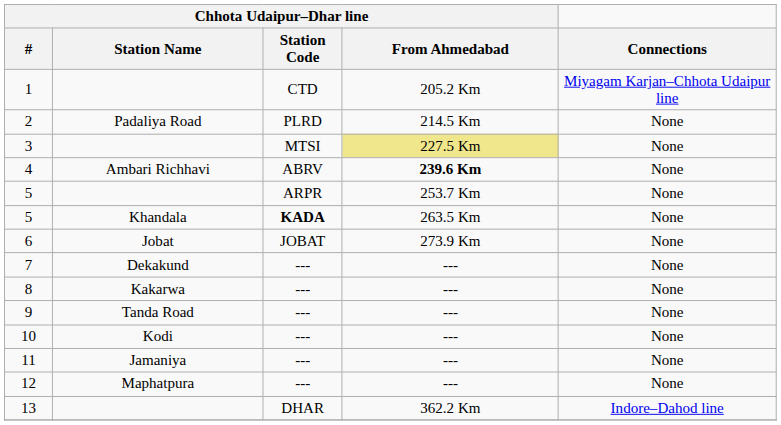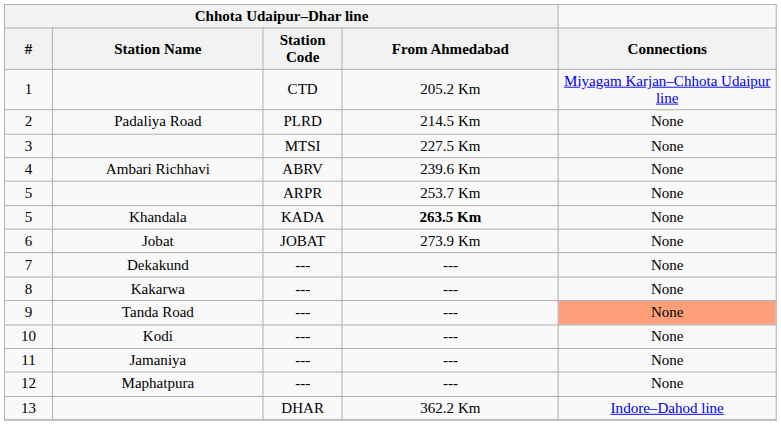 <table class="wikitable sortable"  style="text-align:center; width:65%;">
 <tr>
 <th colspan="4"><span><strong>Chhota Udaipur–Dhar line</strong></span></th>
 </tr>
 <tr>
 <th style="width:1%;">#</th>
 <th style="width:5%;">Station Name</th>
 <th style="width:1%;">Station Code</th>
 <th style="width:5%;">From Ahmedabad</th>
 <th style="width:5%;">Connections</th>
 </tr>
 <tr>
 <td>1</td>
 <td><strong></strong></td>
 <td>CTD</td>
 <td>205.2 Km</td>
 <td><a href='#'>Miyagam Karjan–Chhota Udaipur line</a></td>
 </tr>
 <tr>
 <td>2</td>
 <td>Padaliya Road</td>
 <td>PLRD</td>
 <td>214.5 Km</td>
 <td>None</td>
 </tr>
 <tr>
 <td>3</td>
 <td><strong></strong></td>
 <td>MTSI</td>
-<td style="background: khaki;">227.5 Km</td>
+<td>227.5 Km</td>
 <td>None</td>
 </tr>
 <tr>
 <td>4</td>
 <td>Ambari Richhavi</td>
 <td>ABRV</td>
-<td><strong>239.6 Km</strong></td>
+<td>239.6 Km</td>
 <td>None</td>
 </tr>
 <tr>
 <td>5</td>
 <td><strong></strong></td>
 <td>ARPR</td>
 <td>253.7 Km</td>
 <td>None</td>
 </tr>
 <tr>
 <td>5</td>
 <td>Khandala</td>
-<td><strong>KADA</strong></td>
-<td>263.5 Km</td>
+<td>KADA</td>
+<td><strong>263.5 Km</strong></td>
 <td>None</td>
 </tr>
 <tr>
 <td>6</td>
 <td>Jobat</td>
 <td>JOBAT</td>
 <td>273.9 Km</td>
 <td>None</td>
 </tr>
 <tr>
 <td>7</td>
 <td>Dekakund</td>
 <td>---</td>
 <td>---</td>
 <td>None</td>
 </tr>
 <tr>
 <td>8</td>
 <td>Kakarwa</td>
 <td>---</td>
 <td>---</td>
 <td>None</td>
 </tr>
 <tr>
 <td>9</td>
 <td>Tanda Road</td>
 <td>---</td>
 <td>---</td>
-<td>None</td>
+<td style="background: lightsalmon;">None</td>
 </tr>
 <tr>
 <td>10</td>
 <td>Kodi</td>
 <td>---</td>
 <td>---</td>
 <td>None</td>
 </tr>
 <tr>
 <td>11</td>
 <td>Jamaniya</td>
 <td>---</td>
 <td>---</td>
 <td>None</td>
 </tr>
 <tr>
 <td>12</td>
 <td>Maphatpura</td>
 <td>---</td>
 <td>---</td>
 <td>None</td>
 </tr>
 <tr>
 <td>13</td>
 <td><strong></strong></td>
 <td>DHAR</td>
 <td>362.2 Km</td>
 <td><a href='#'>Indore–Dahod line</a></td>
 </tr>
 <tr>
 </tr>
 </table>
